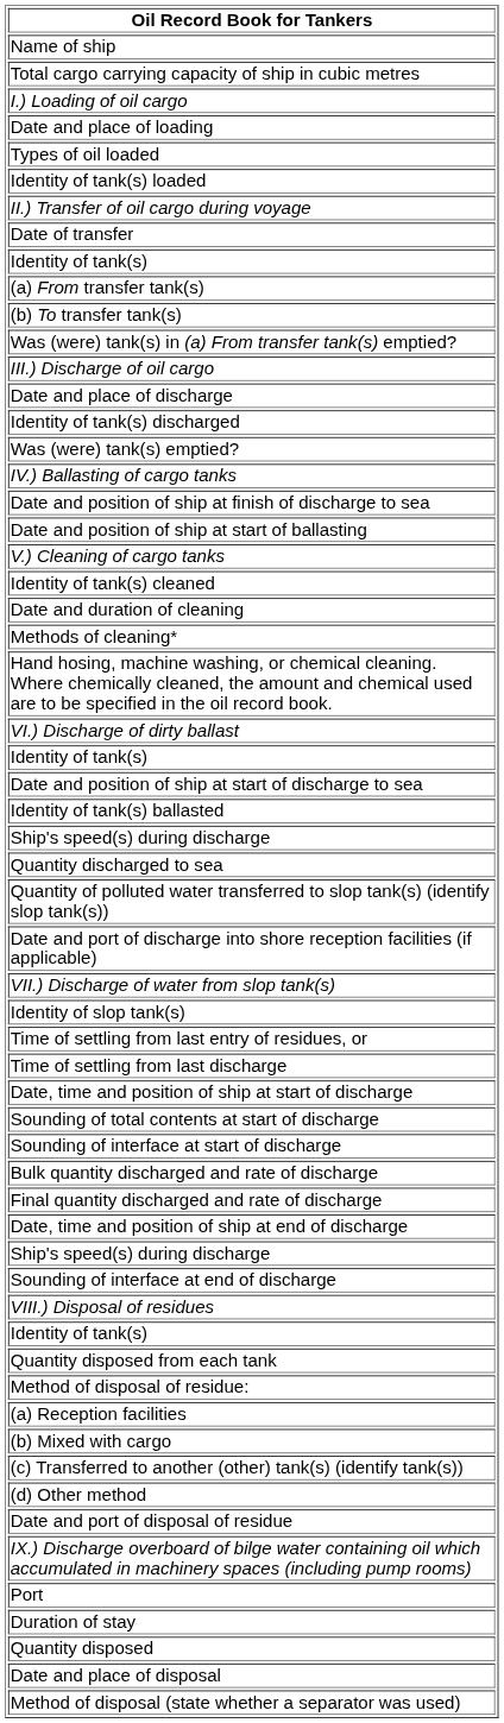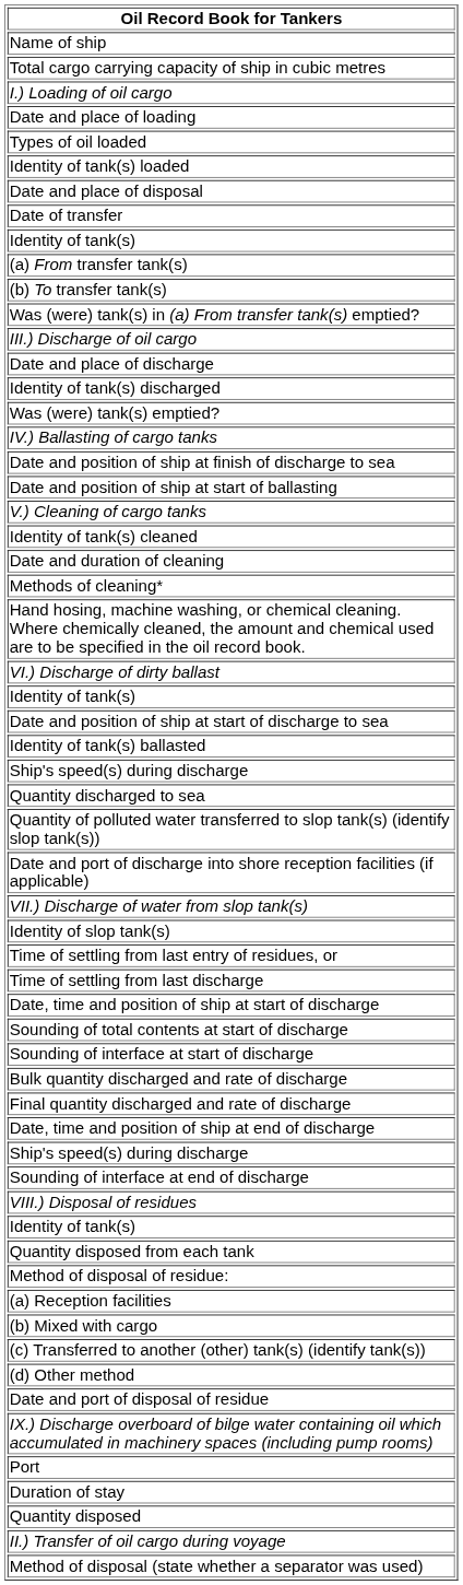 <table border="1" width="35%">
 <tr>
 <th align="center">Oil Record Book for Tankers</th>
 </tr>
 <tr>
 <td>Name of ship</td>
 </tr>
 <tr>
 <td>Total cargo carrying capacity of ship in cubic metres</td>
 </tr>
 <tr>
 <td><em>I.) Loading of oil cargo</em></td>
 </tr>
 <tr>
 <td>Date and place of loading</td>
 </tr>
 <tr>
 <td>Types of oil loaded</td>
 </tr>
 <tr>
 <td>Identity of tank(s) loaded</td>
 </tr>
 <tr>
-<td><em>II.) Transfer of oil cargo during voyage</em></td>
+<td>Date and place of disposal</td>
 </tr>
 <tr>
 <td>Date of transfer</td>
 </tr>
 <tr>
 <td>Identity of tank(s)</td>
 </tr>
 <tr>
 <td>(a) <em>From</em> transfer tank(s)</td>
 </tr>
 <tr>
 <td>(b) <em>To</em> transfer tank(s)</td>
 </tr>
 <tr>
 <td>Was (were) tank(s) in <em>(a) From transfer tank(s)</em> emptied?</td>
 </tr>
 <tr>
 <td><em>III.) Discharge of oil cargo</em></td>
 </tr>
 <tr>
 <td>Date and place of discharge</td>
 </tr>
 <tr>
 <td>Identity of tank(s) discharged</td>
 </tr>
 <tr>
 <td>Was (were) tank(s) emptied?</td>
 </tr>
 <tr>
 <td><em>IV.) Ballasting of cargo tanks</em></td>
 </tr>
 <tr>
 <td>Date and position of ship at finish of discharge to sea</td>
 </tr>
 <tr>
 <td>Date and position of ship at start of ballasting</td>
 </tr>
 <tr>
 <td><em>V.) Cleaning of cargo tanks</em></td>
 </tr>
 <tr>
 <td>Identity of tank(s) cleaned</td>
 </tr>
 <tr>
 <td>Date and duration of cleaning</td>
 </tr>
 <tr>
 <td>Methods of cleaning*</td>
 </tr>
 <tr>
 <td>Hand hosing, machine washing, or chemical cleaning. Where chemically cleaned, the amount and chemical used are to be specified in the oil record book.</td>
 </tr>
 <tr>
 <td><em>VI.) Discharge of dirty ballast</em></td>
 </tr>
 <tr>
 <td>Identity of tank(s)</td>
 </tr>
 <tr>
 <td>Date and position of ship at start of discharge to sea</td>
 </tr>
 <tr>
 <td>Identity of tank(s) ballasted</td>
 </tr>
 <tr>
 <td>Ship's speed(s) during discharge</td>
 </tr>
 <tr>
 <td>Quantity discharged to sea</td>
 </tr>
 <tr>
 <td>Quantity of polluted water transferred to slop tank(s) (identify slop tank(s))</td>
 </tr>
 <tr>
 <td>Date and port of discharge into shore reception facilities (if applicable)</td>
 </tr>
 <tr>
 <td><em>VII.) Discharge of water from slop tank(s)</em></td>
 </tr>
 <tr>
 <td>Identity of slop tank(s)</td>
 </tr>
 <tr>
 <td>Time of settling from last entry of residues, or</td>
 </tr>
 <tr>
 <td>Time of settling from last discharge</td>
 </tr>
 <tr>
 <td>Date, time and position of ship at start of discharge</td>
 </tr>
 <tr>
 <td>Sounding of total contents at start of discharge</td>
 </tr>
 <tr>
 <td>Sounding of interface at start of discharge</td>
 </tr>
 <tr>
 <td>Bulk quantity discharged and rate of discharge</td>
 </tr>
 <tr>
 <td>Final quantity discharged and rate of discharge</td>
 </tr>
 <tr>
 <td>Date, time and position of ship at end of discharge</td>
 </tr>
 <tr>
 <td>Ship's speed(s) during discharge</td>
 </tr>
 <tr>
 <td>Sounding of interface at end of discharge</td>
 </tr>
 <tr>
 <td><em>VIII.) Disposal of residues</em></td>
 </tr>
 <tr>
 <td>Identity of tank(s)</td>
 </tr>
 <tr>
 <td>Quantity disposed from each tank</td>
 </tr>
 <tr>
 <td>Method of disposal of residue:</td>
 </tr>
 <tr>
 <td>(a) Reception facilities</td>
 </tr>
 <tr>
 <td>(b) Mixed with cargo</td>
 </tr>
 <tr>
 <td>(c) Transferred to another (other) tank(s) (identify tank(s))</td>
 </tr>
 <tr>
 <td>(d) Other method</td>
 </tr>
 <tr>
 <td>Date and port of disposal of residue</td>
 </tr>
 <tr>
 <td><em>IX.) Discharge overboard of bilge water containing oil which accumulated in machinery spaces (including pump rooms)</em></td>
 </tr>
 <tr>
 <td>Port</td>
 </tr>
 <tr>
 <td>Duration of stay</td>
 </tr>
 <tr>
 <td>Quantity disposed</td>
 </tr>
 <tr>
-<td>Date and place of disposal</td>
+<td><em>II.) Transfer of oil cargo during voyage</em></td>
 </tr>
 <tr>
 <td>Method of disposal (state whether a separator was used)</td>
 </tr>
 </table>
